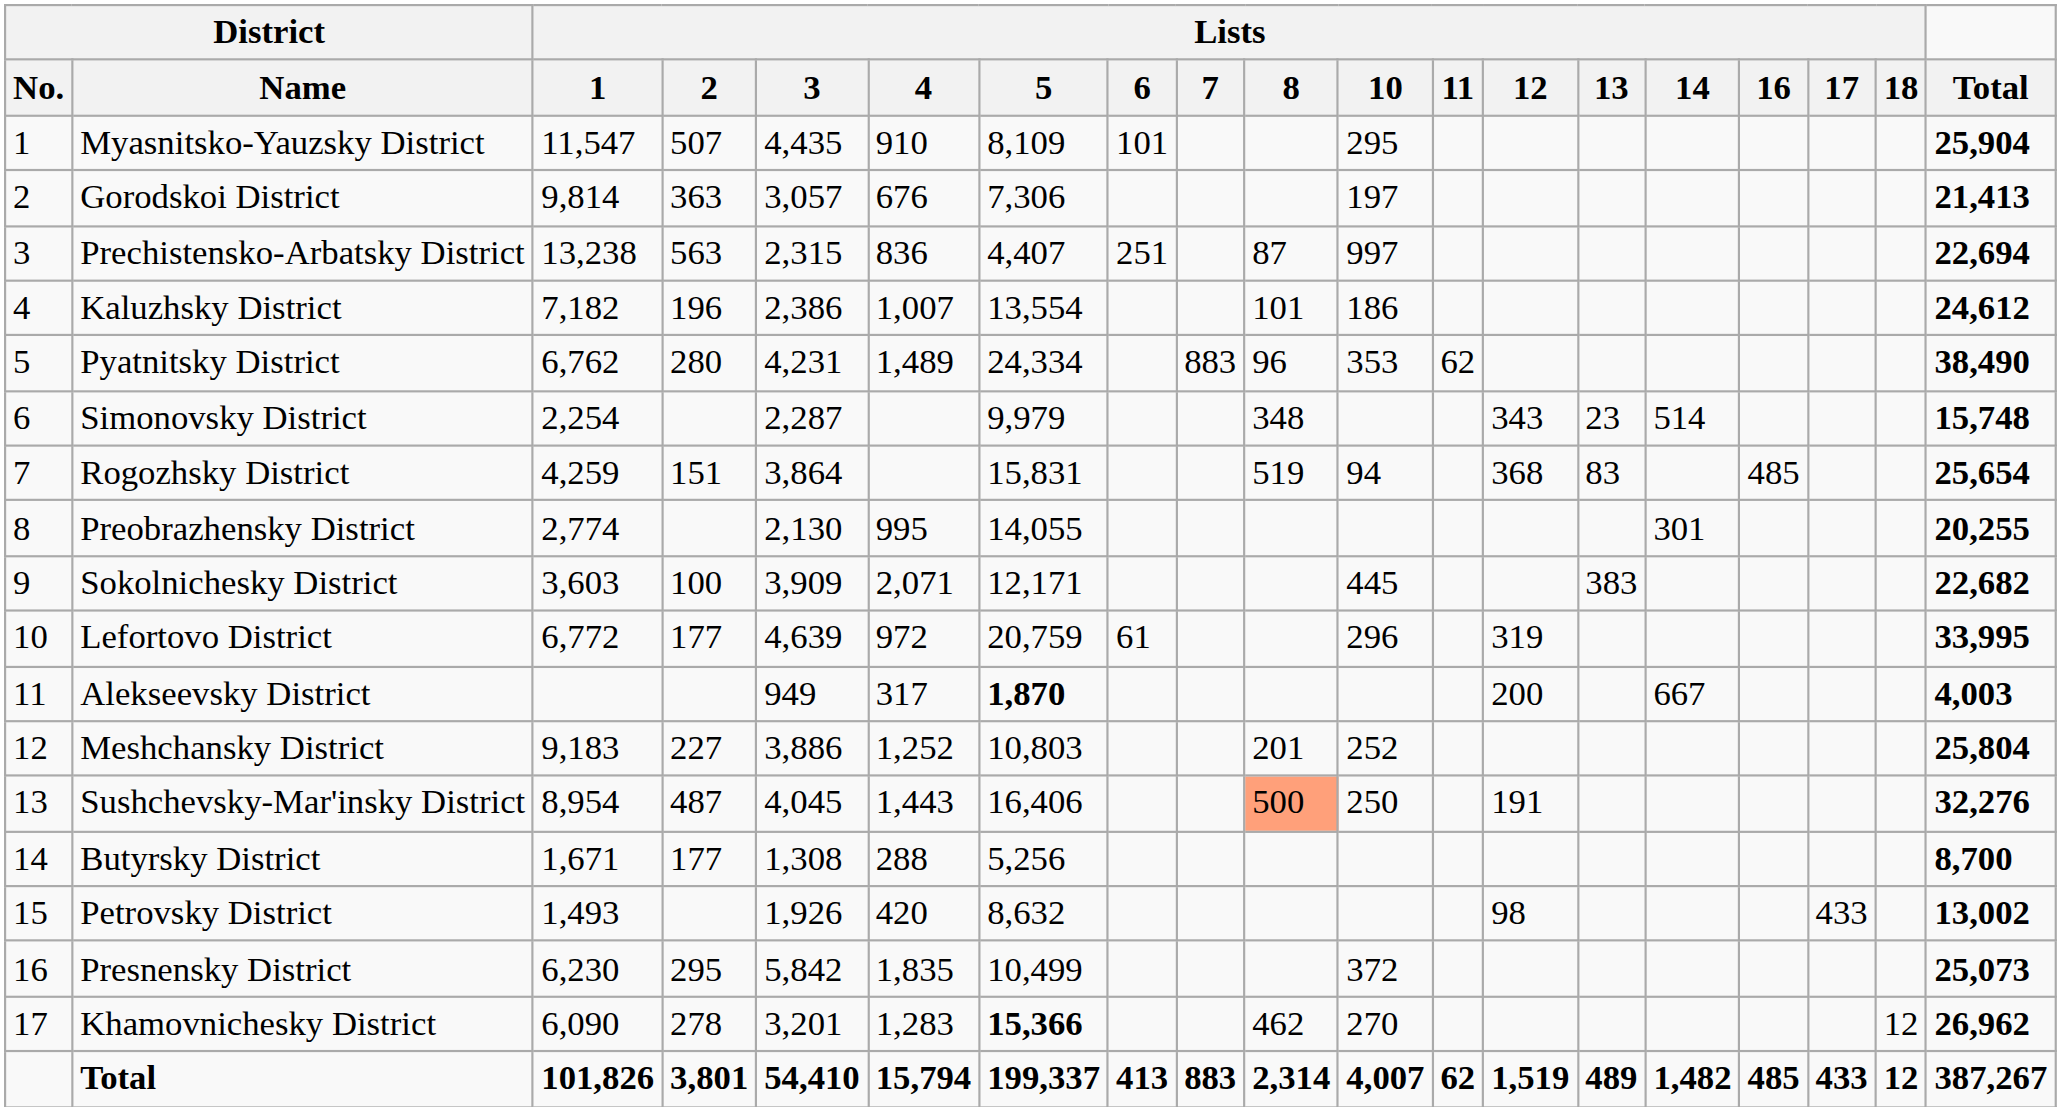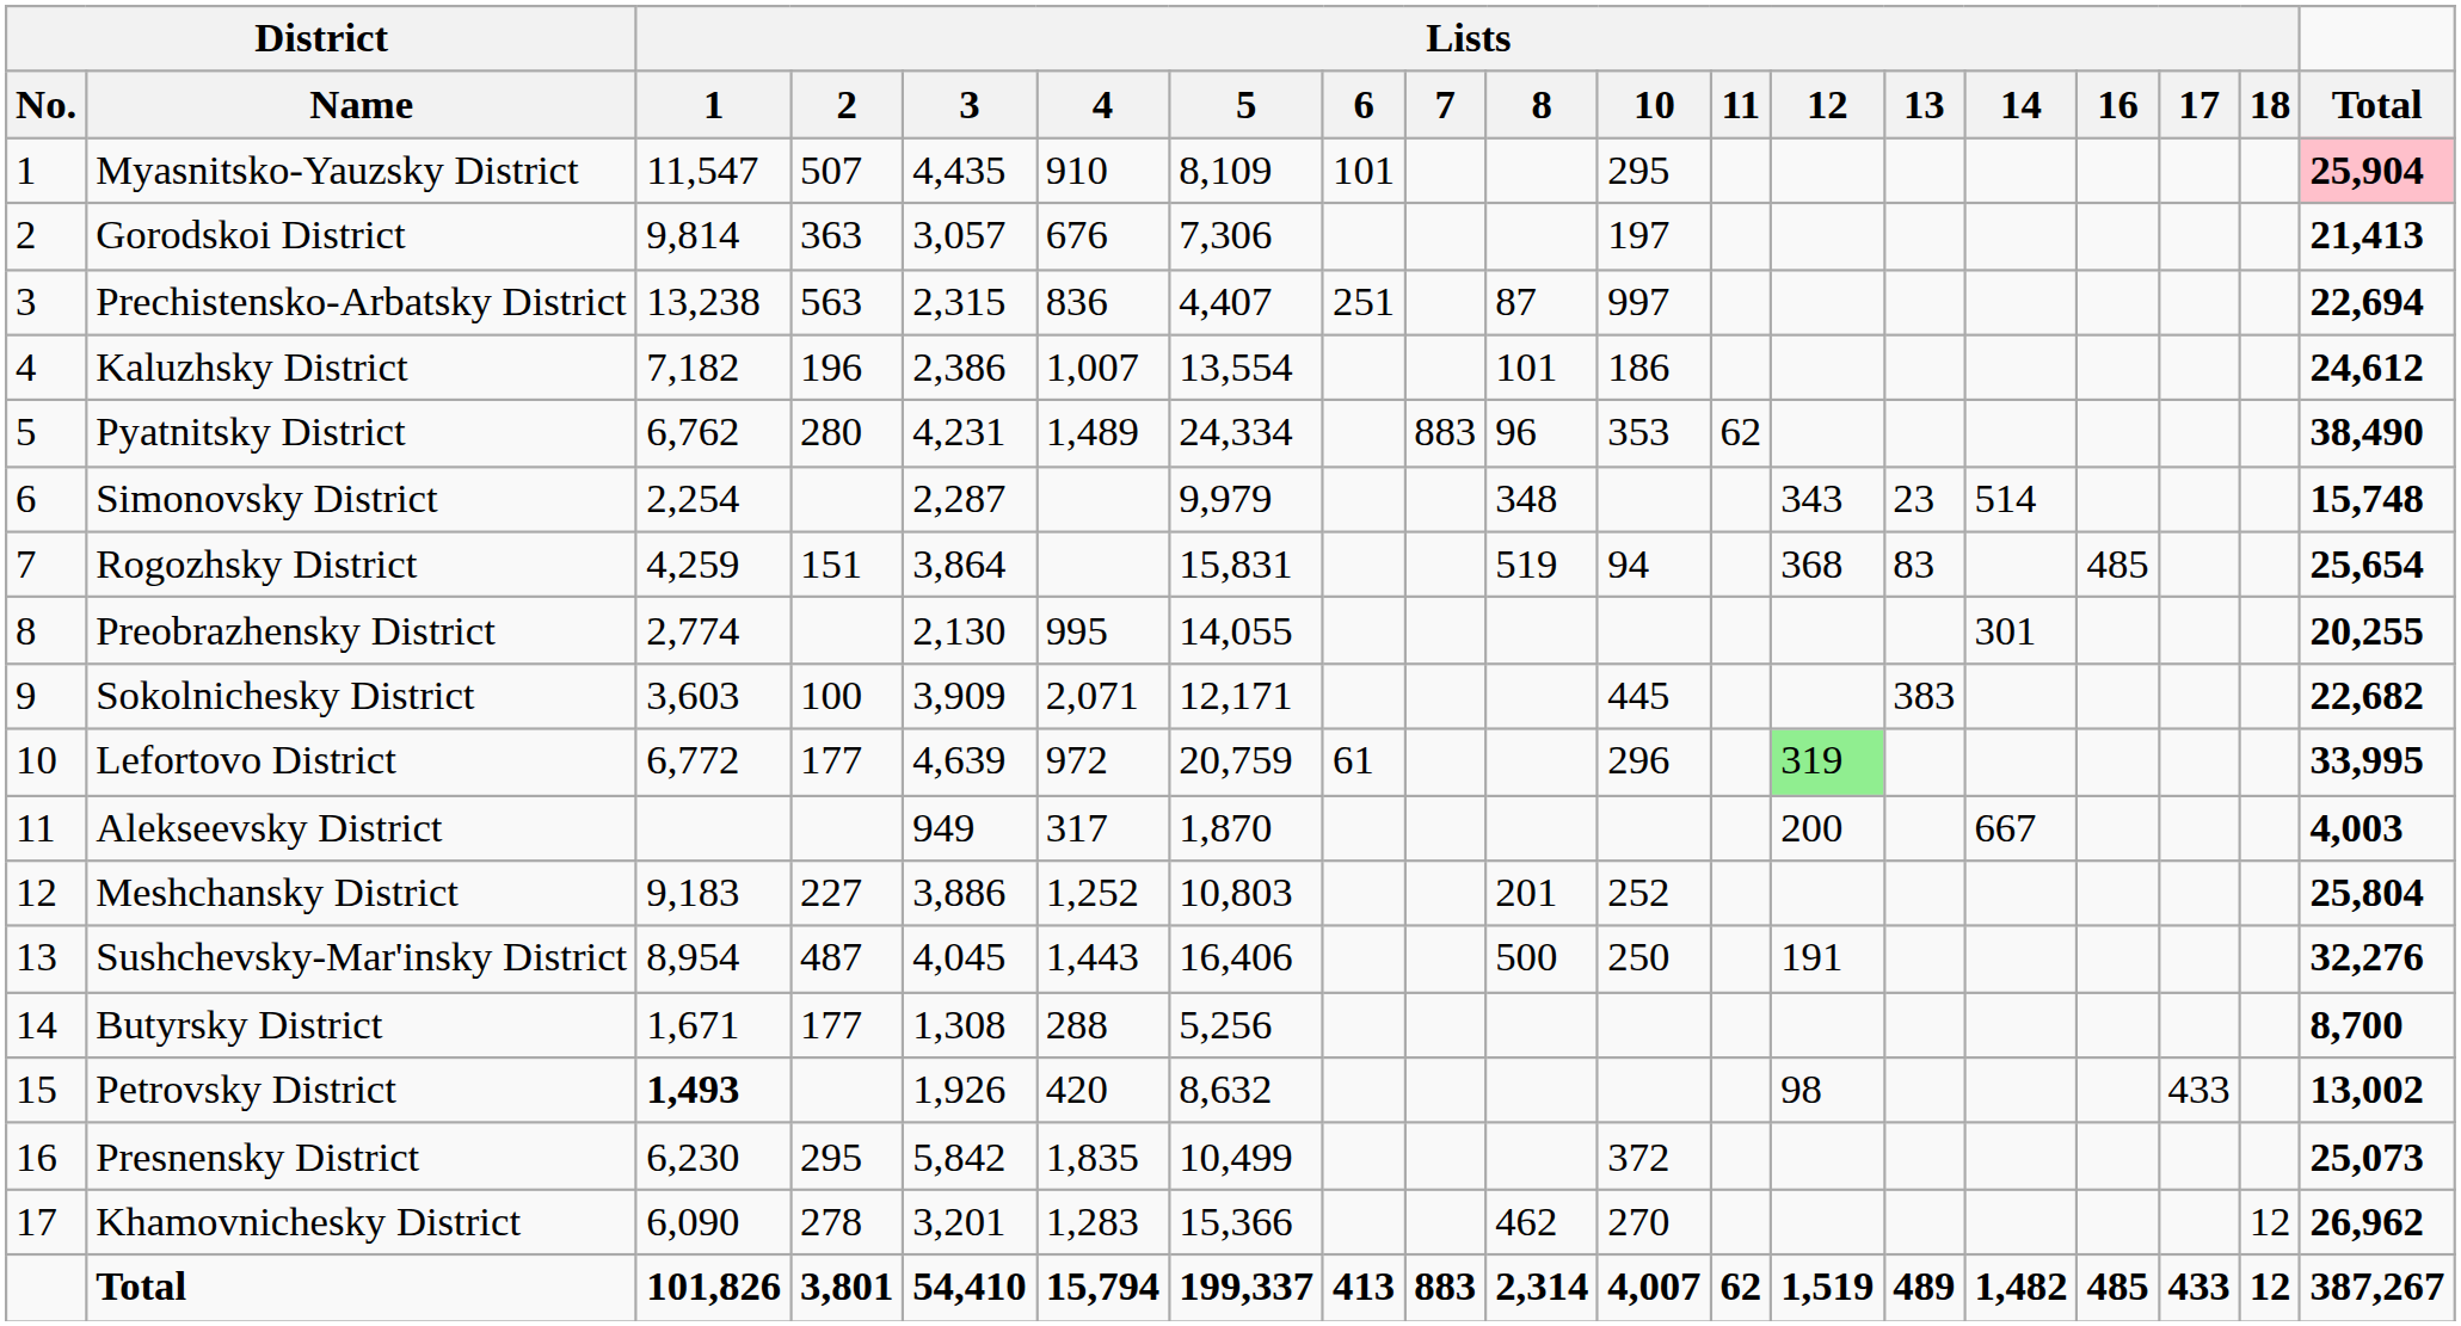 <table class="wikitable sortable">
 <tr>
 <th colspan=2>District</th>
 <th colspan=16>Lists</th>
 </tr>
 <tr>
 <th>No.</th>
 <th>Name</th>
 <th>1</th>
 <th>2</th>
 <th>3</th>
 <th>4</th>
 <th>5</th>
 <th>6</th>
 <th>7</th>
 <th>8</th>
 <th>10</th>
 <th>11</th>
 <th>12</th>
 <th>13</th>
 <th>14</th>
 <th>16</th>
 <th>17</th>
 <th>18</th>
 <th>Total</th>
 </tr>
 <tr>
 <td>1</td>
 <td>Myasnitsko-Yauzsky District</td>
 <td>11,547</td>
 <td>507</td>
 <td>4,435</td>
 <td>910</td>
 <td>8,109</td>
 <td>101</td>
 <td></td>
 <td></td>
 <td>295</td>
 <td></td>
 <td></td>
 <td></td>
 <td></td>
 <td></td>
 <td></td>
 <td></td>
-<td><strong>25,904</strong></td>
+<td style="background: pink;"><strong>25,904</strong></td>
 </tr>
 <tr>
 <td>2</td>
 <td>Gorodskoi District</td>
 <td>9,814</td>
 <td>363</td>
 <td>3,057</td>
 <td>676</td>
 <td>7,306</td>
 <td></td>
 <td></td>
 <td></td>
 <td>197</td>
 <td></td>
 <td></td>
 <td></td>
 <td></td>
 <td></td>
 <td></td>
 <td></td>
 <td><strong>21,413</strong></td>
 </tr>
 <tr>
 <td>3</td>
 <td>Prechistensko-Arbatsky District</td>
 <td>13,238</td>
 <td>563</td>
 <td>2,315</td>
 <td>836</td>
 <td>4,407</td>
 <td>251</td>
 <td></td>
 <td>87</td>
 <td>997</td>
 <td></td>
 <td></td>
 <td></td>
 <td></td>
 <td></td>
 <td></td>
 <td></td>
 <td><strong>22,694</strong></td>
 </tr>
 <tr>
 <td>4</td>
 <td>Kaluzhsky District</td>
 <td>7,182</td>
 <td>196</td>
 <td>2,386</td>
 <td>1,007</td>
 <td>13,554</td>
 <td></td>
 <td></td>
 <td>101</td>
 <td>186</td>
 <td></td>
 <td></td>
 <td></td>
 <td></td>
 <td></td>
 <td></td>
 <td></td>
 <td><strong>24,612</strong></td>
 </tr>
 <tr>
 <td>5</td>
 <td>Pyatnitsky District</td>
 <td>6,762</td>
 <td>280</td>
 <td>4,231</td>
 <td>1,489</td>
 <td>24,334</td>
 <td></td>
 <td>883</td>
 <td>96</td>
 <td>353</td>
 <td>62</td>
 <td></td>
 <td></td>
 <td></td>
 <td></td>
 <td></td>
 <td></td>
 <td><strong>38,490</strong></td>
 </tr>
 <tr>
 <td>6</td>
 <td>Simonovsky District</td>
 <td>2,254</td>
 <td></td>
 <td>2,287</td>
 <td></td>
 <td>9,979</td>
 <td></td>
 <td></td>
 <td>348</td>
 <td></td>
 <td></td>
 <td>343</td>
 <td>23</td>
 <td>514</td>
 <td></td>
 <td></td>
 <td></td>
 <td><strong>15,748</strong></td>
 </tr>
 <tr>
 <td>7</td>
 <td>Rogozhsky District</td>
 <td>4,259</td>
 <td>151</td>
 <td>3,864</td>
 <td></td>
 <td>15,831</td>
 <td></td>
 <td></td>
 <td>519</td>
 <td>94</td>
 <td></td>
 <td>368</td>
 <td>83</td>
 <td></td>
 <td>485</td>
 <td></td>
 <td></td>
 <td><strong>25,654</strong></td>
 </tr>
 <tr>
 <td>8</td>
 <td>Preobrazhensky District</td>
 <td>2,774</td>
 <td></td>
 <td>2,130</td>
 <td>995</td>
 <td>14,055</td>
 <td></td>
 <td></td>
 <td></td>
 <td></td>
 <td></td>
 <td></td>
 <td></td>
 <td>301</td>
 <td></td>
 <td></td>
 <td></td>
 <td><strong>20,255</strong></td>
 </tr>
 <tr>
 <td>9</td>
 <td>Sokolnichesky District</td>
 <td>3,603</td>
 <td>100</td>
 <td>3,909</td>
 <td>2,071</td>
 <td>12,171</td>
 <td></td>
 <td></td>
 <td></td>
 <td>445</td>
 <td></td>
 <td></td>
 <td>383</td>
 <td></td>
 <td></td>
 <td></td>
 <td></td>
 <td><strong>22,682</strong></td>
 </tr>
 <tr>
 <td>10</td>
 <td>Lefortovo District</td>
 <td>6,772</td>
 <td>177</td>
 <td>4,639</td>
 <td>972</td>
 <td>20,759</td>
 <td>61</td>
 <td></td>
 <td></td>
 <td>296</td>
 <td></td>
-<td>319</td>
+<td style="background: lightgreen;">319</td>
 <td></td>
 <td></td>
 <td></td>
 <td></td>
 <td></td>
 <td><strong>33,995</strong></td>
 </tr>
 <tr>
 <td>11</td>
 <td>Alekseevsky District</td>
 <td></td>
 <td></td>
 <td>949</td>
 <td>317</td>
-<td><strong>1,870</strong></td>
+<td>1,870</td>
 <td></td>
 <td></td>
 <td></td>
 <td></td>
 <td></td>
 <td>200</td>
 <td></td>
 <td>667</td>
 <td></td>
 <td></td>
 <td></td>
 <td><strong>4,003</strong></td>
 </tr>
 <tr>
 <td>12</td>
 <td>Meshchansky District</td>
 <td>9,183</td>
 <td>227</td>
 <td>3,886</td>
 <td>1,252</td>
 <td>10,803</td>
 <td></td>
 <td></td>
 <td>201</td>
 <td>252</td>
 <td></td>
 <td></td>
 <td></td>
 <td></td>
 <td></td>
 <td></td>
 <td></td>
 <td><strong>25,804</strong></td>
 </tr>
 <tr>
 <td>13</td>
 <td>Sushchevsky-Mar'insky District</td>
 <td>8,954</td>
 <td>487</td>
 <td>4,045</td>
 <td>1,443</td>
 <td>16,406</td>
 <td></td>
 <td></td>
-<td style="background: lightsalmon;">500</td>
+<td>500</td>
 <td>250</td>
 <td></td>
 <td>191</td>
 <td></td>
 <td></td>
 <td></td>
 <td></td>
 <td></td>
 <td><strong>32,276</strong></td>
 </tr>
 <tr>
 <td>14</td>
 <td>Butyrsky District</td>
 <td>1,671</td>
 <td>177</td>
 <td>1,308</td>
 <td>288</td>
 <td>5,256</td>
 <td></td>
 <td></td>
 <td></td>
 <td></td>
 <td></td>
 <td></td>
 <td></td>
 <td></td>
 <td></td>
 <td></td>
 <td></td>
 <td><strong>8,700</strong></td>
 </tr>
 <tr>
 <td>15</td>
 <td>Petrovsky District</td>
-<td>1,493</td>
+<td><strong>1,493</strong></td>
 <td></td>
 <td>1,926</td>
 <td>420</td>
 <td>8,632</td>
 <td></td>
 <td></td>
 <td></td>
 <td></td>
 <td></td>
 <td>98</td>
 <td></td>
 <td></td>
 <td></td>
 <td>433</td>
 <td></td>
 <td><strong>13,002</strong></td>
 </tr>
 <tr>
 <td>16</td>
 <td>Presnensky District</td>
 <td>6,230</td>
 <td>295</td>
 <td>5,842</td>
 <td>1,835</td>
 <td>10,499</td>
 <td></td>
 <td></td>
 <td></td>
 <td>372</td>
 <td></td>
 <td></td>
 <td></td>
 <td></td>
 <td></td>
 <td></td>
 <td></td>
 <td><strong>25,073</strong></td>
 </tr>
 <tr>
 <td>17</td>
 <td>Khamovnichesky District</td>
 <td>6,090</td>
 <td>278</td>
 <td>3,201</td>
 <td>1,283</td>
-<td><strong>15,366</strong></td>
+<td>15,366</td>
 <td></td>
 <td></td>
 <td>462</td>
 <td>270</td>
 <td></td>
 <td></td>
 <td></td>
 <td></td>
 <td></td>
 <td></td>
 <td>12</td>
 <td><strong>26,962</strong></td>
 </tr>
 <tr class=sortbottom>
 <td></td>
 <td><strong>Total</strong></td>
 <td><strong>101,826</strong></td>
 <td><strong>3,801</strong></td>
 <td><strong>54,410</strong></td>
 <td><strong>15,794</strong></td>
 <td><strong>199,337</strong></td>
 <td><strong>413</strong></td>
 <td><strong>883</strong></td>
 <td><strong>2,314</strong></td>
 <td><strong>4,007</strong></td>
 <td><strong>62</strong></td>
 <td><strong>1,519</strong></td>
 <td><strong>489</strong></td>
 <td><strong>1,482</strong></td>
 <td><strong>485</strong></td>
 <td><strong>433</strong></td>
 <td><strong>12</strong></td>
 <td><strong>387,267</strong></td>
 </tr>
 </table>
